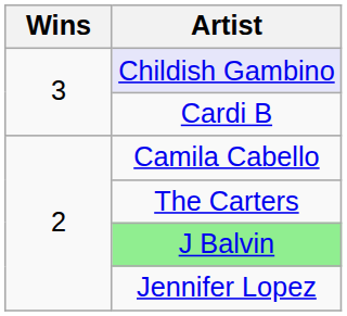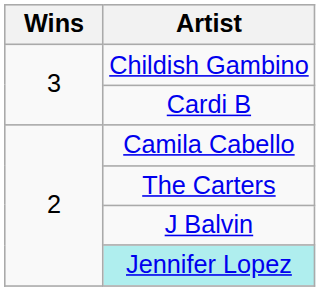 <table class="wikitable" rowspan="2" style="text-align:center">
 <tr>
 <th scope="col" style="width:55px;">Wins</th>
 <th scope="col" style="text-align:center;">Artist</th>
 </tr>
 <tr>
 <td rowspan="2" style="text-align:center">3</td>
-<td style="background: lavender;"><a href='#'>Childish Gambino</a></td>
+<td><a href='#'>Childish Gambino</a></td>
 </tr>
 <tr>
 <td><a href='#'>Cardi B</a></td>
 </tr>
 <tr>
 <td rowspan="4" style="text-align:center">2</td>
 <td><a href='#'>Camila Cabello</a></td>
 </tr>
 <tr>
 <td><a href='#'>The Carters</a></td>
 </tr>
 <tr>
-<td style="background: lightgreen;"><a href='#'>J Balvin</a></td>
+<td><a href='#'>J Balvin</a></td>
 </tr>
 <tr>
-<td><a href='#'>Jennifer Lopez</a></td>
+<td style="background: paleturquoise;"><a href='#'>Jennifer Lopez</a></td>
 </tr>
 </table>
